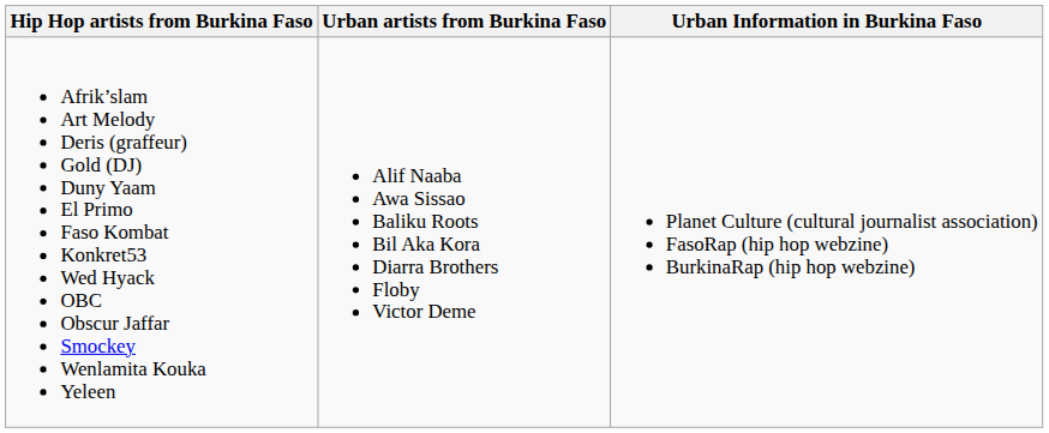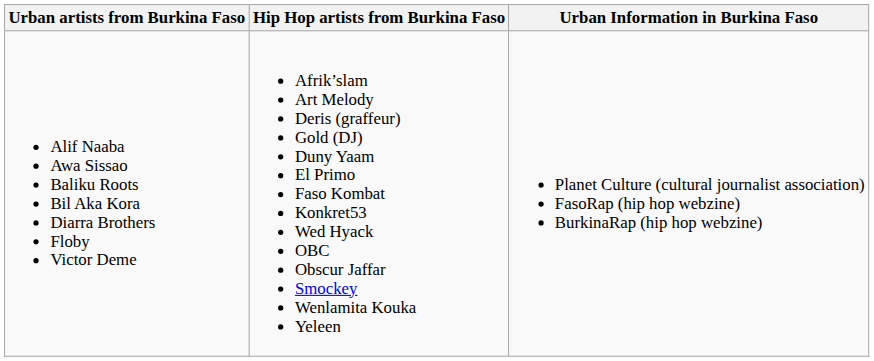 <table class="wikitable">
 <tr>
+<th>Urban artists from Burkina Faso </th>
 <th>Hip Hop artists from Burkina Faso </th>
-<th>Urban artists from Burkina Faso </th>
 <th>Urban Information in Burkina Faso</th>
 </tr>
 <tr>
+<td><br><ul><li>Alif Naaba</li><li>Awa Sissao</li><li>Baliku Roots</li><li>Bil Aka Kora</li><li>Diarra Brothers</li><li>Floby</li><li>Victor Deme</li></ul></td>
 <td><br><ul><li>Afrik’slam</li><li>Art Melody</li><li>Deris (graffeur)</li><li>Gold (DJ)</li><li>Duny Yaam</li><li>El Primo</li><li>Faso Kombat</li><li>Konkret53</li><li>Wed Hyack</li><li>OBC</li><li>Obscur Jaffar</li><li><a href='#'>Smockey</a></li><li>Wenlamita Kouka</li><li>Yeleen</li></ul></td>
-<td><br><ul><li>Alif Naaba</li><li>Awa Sissao</li><li>Baliku Roots</li><li>Bil Aka Kora</li><li>Diarra Brothers</li><li>Floby</li><li>Victor Deme</li></ul></td>
 <td><br><ul><li>Planet Culture (cultural journalist association)</li><li>FasoRap (hip hop webzine) </li><li>BurkinaRap (hip hop webzine)</li></ul></td>
 </tr>
 </table>
